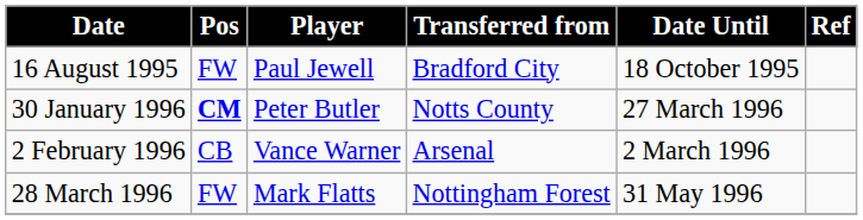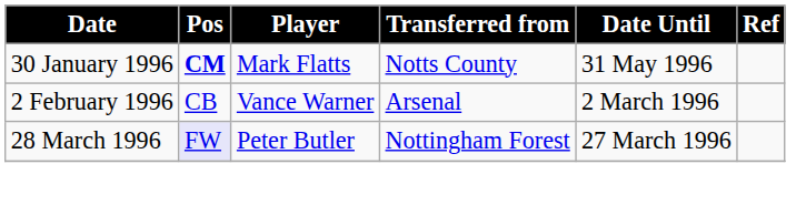 <table class="wikitable plainrowheaders sortable">
 <tr>
 <th style="background:#000000; color:#FFFFFF; ">Date</th>
 <th style="background:#000000; color:#FFFFff; ">Pos</th>
 <th style="background:#000000; color:#FFFFff; ">Player</th>
 <th style="background:#000000; color:#FFFFff; ">Transferred from</th>
 <th style="background:#000000; color:#FFFFff; ">Date Until</th>
 <th style="background:#000000; color:#FFFFff; ">Ref</th>
 </tr>
 <tr>
-<td>16 August 1995</td>
-<td><a href='#'>FW</a></td>
-<td> <a href='#'>Paul Jewell</a></td>
-<td> <a href='#'>Bradford City</a></td>
-<td>18 October 1995</td>
-<td></td>
-</tr>
-<tr>
 <td>30 January 1996</td>
 <td><strong><a href='#'>CM</a></strong></td>
-<td> <a href='#'>Peter Butler</a></td>
+<td> <a href='#'>Mark Flatts</a></td>
 <td> <a href='#'>Notts County</a></td>
-<td>27 March 1996</td>
+<td>31 May 1996</td>
 <td></td>
 </tr>
 <tr>
 <td>2 February 1996</td>
 <td><a href='#'>CB</a></td>
 <td> <a href='#'>Vance Warner</a></td>
 <td> <a href='#'>Arsenal</a></td>
 <td>2 March 1996</td>
 <td></td>
 </tr>
 <tr>
 <td>28 March 1996</td>
-<td><a href='#'>FW</a></td>
-<td> <a href='#'>Mark Flatts</a></td>
+<td style="background: lavender;"><a href='#'>FW</a></td>
+<td> <a href='#'>Peter Butler</a></td>
 <td> <a href='#'>Nottingham Forest</a></td>
-<td>31 May 1996</td>
+<td>27 March 1996</td>
 <td></td>
 </tr>
 <tr>
 </tr>
 </table>
